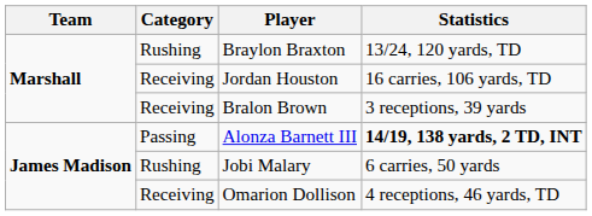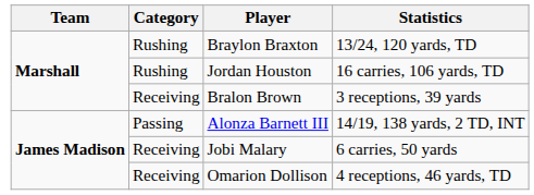 <table class="wikitable" style="float: right;">
 <tr>
 <th>Team</th>
 <th>Category</th>
 <th>Player</th>
 <th>Statistics</th>
 </tr>
 <tr>
 <td rowspan=3><strong>Marshall</strong></td>
 <td>Rushing</td>
 <td>Braylon Braxton</td>
 <td>13/24, 120 yards, TD</td>
 </tr>
 <tr>
-<td>Receiving</td>
+<td>Rushing</td>
 <td>Jordan Houston</td>
 <td>16 carries, 106 yards, TD</td>
 </tr>
 <tr>
 <td>Receiving</td>
 <td>Bralon Brown</td>
 <td>3 receptions, 39 yards</td>
 </tr>
 <tr>
 <td rowspan=3><strong>James Madison</strong></td>
 <td>Passing</td>
 <td><a href='#'>Alonza Barnett III</a></td>
-<td><strong>14/19, 138 yards, 2 TD, INT</strong></td>
+<td>14/19, 138 yards, 2 TD, INT</td>
 </tr>
 <tr>
-<td>Rushing</td>
+<td>Receiving</td>
 <td>Jobi Malary</td>
 <td>6 carries, 50 yards</td>
 </tr>
 <tr>
 <td>Receiving</td>
 <td>Omarion Dollison</td>
 <td>4 receptions, 46 yards, TD</td>
 </tr>
 </table>
